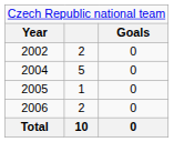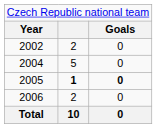 <table class="wikitable" style="text-align:center">
 <tr>
 <td colspan="3"><a href='#'>Czech Republic national team</a></td>
 </tr>
 <tr>
 <th>Year</th>
 <th></th>
 <th>Goals</th>
 </tr>
 <tr>
 <td>2002</td>
 <td>2</td>
 <td>0</td>
 </tr>
 <tr>
 <td>2004</td>
 <td>5</td>
 <td>0</td>
 </tr>
 <tr>
 <td>2005</td>
-<td>1</td>
-<td>0</td>
+<td><strong>1</strong></td>
+<td><strong>0</strong></td>
 </tr>
 <tr>
 <td>2006</td>
 <td>2</td>
 <td>0</td>
 </tr>
 <tr>
 <th>Total</th>
 <th>10</th>
 <th>0</th>
 </tr>
 </table>
